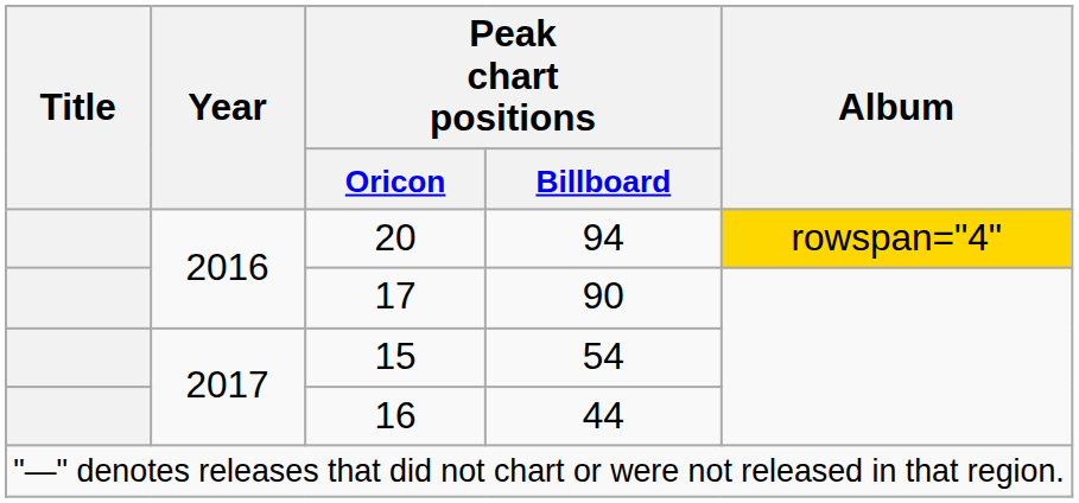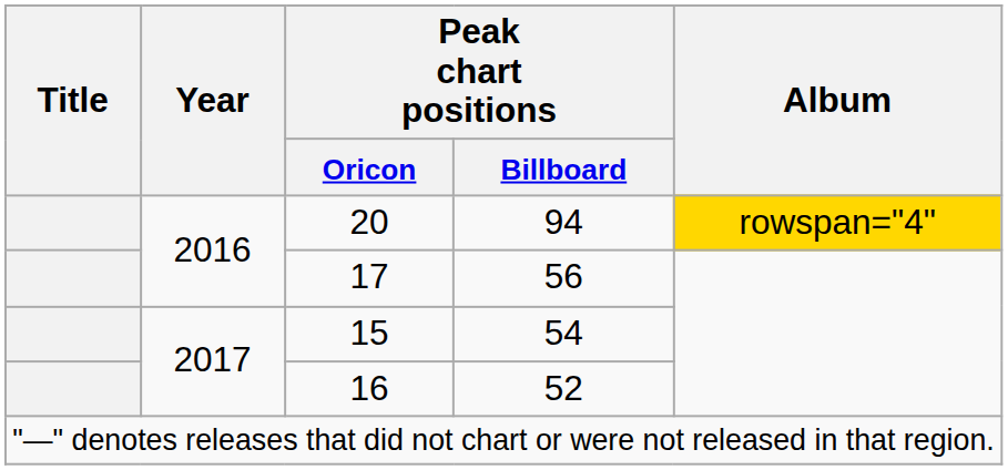 <table class="wikitable plainrowheaders" style="text-align:center;">
 <tr>
 <th scope="col" rowspan="2">Title</th>
 <th scope="col" rowspan="2">Year</th>
 <th scope="col" colspan="2">Peak <br> chart <br> positions</th>
 <th scope="col" rowspan="2">Album</th>
 </tr>
 <tr>
 <th scope="col" colspan="1"><small><a href='#'>Oricon</a></small></th>
 <th scope="col"><small><a href='#'>Billboard</a></small></th>
 </tr>
 <tr>
 <th scope="row"></th>
 <td rowspan="2">2016</td>
 <td>20</td>
 <td>94</td>
 <td style="background: gold;">rowspan="4" </td>
 </tr>
 <tr>
 <th scope="row"></th>
 <td>17</td>
-<td>90</td>
+<td>56</td>
 </tr>
 <tr>
 <th scope="row"></th>
 <td rowspan="2">2017</td>
 <td>15</td>
 <td>54</td>
 </tr>
 <tr>
 <th scope="row"></th>
 <td>16</td>
-<td>44</td>
+<td>52</td>
 </tr>
 <tr>
 <td colspan="5" style="font-size:85%">"—" denotes releases that did not chart or were not released in that region.</td>
 </tr>
 </table>
